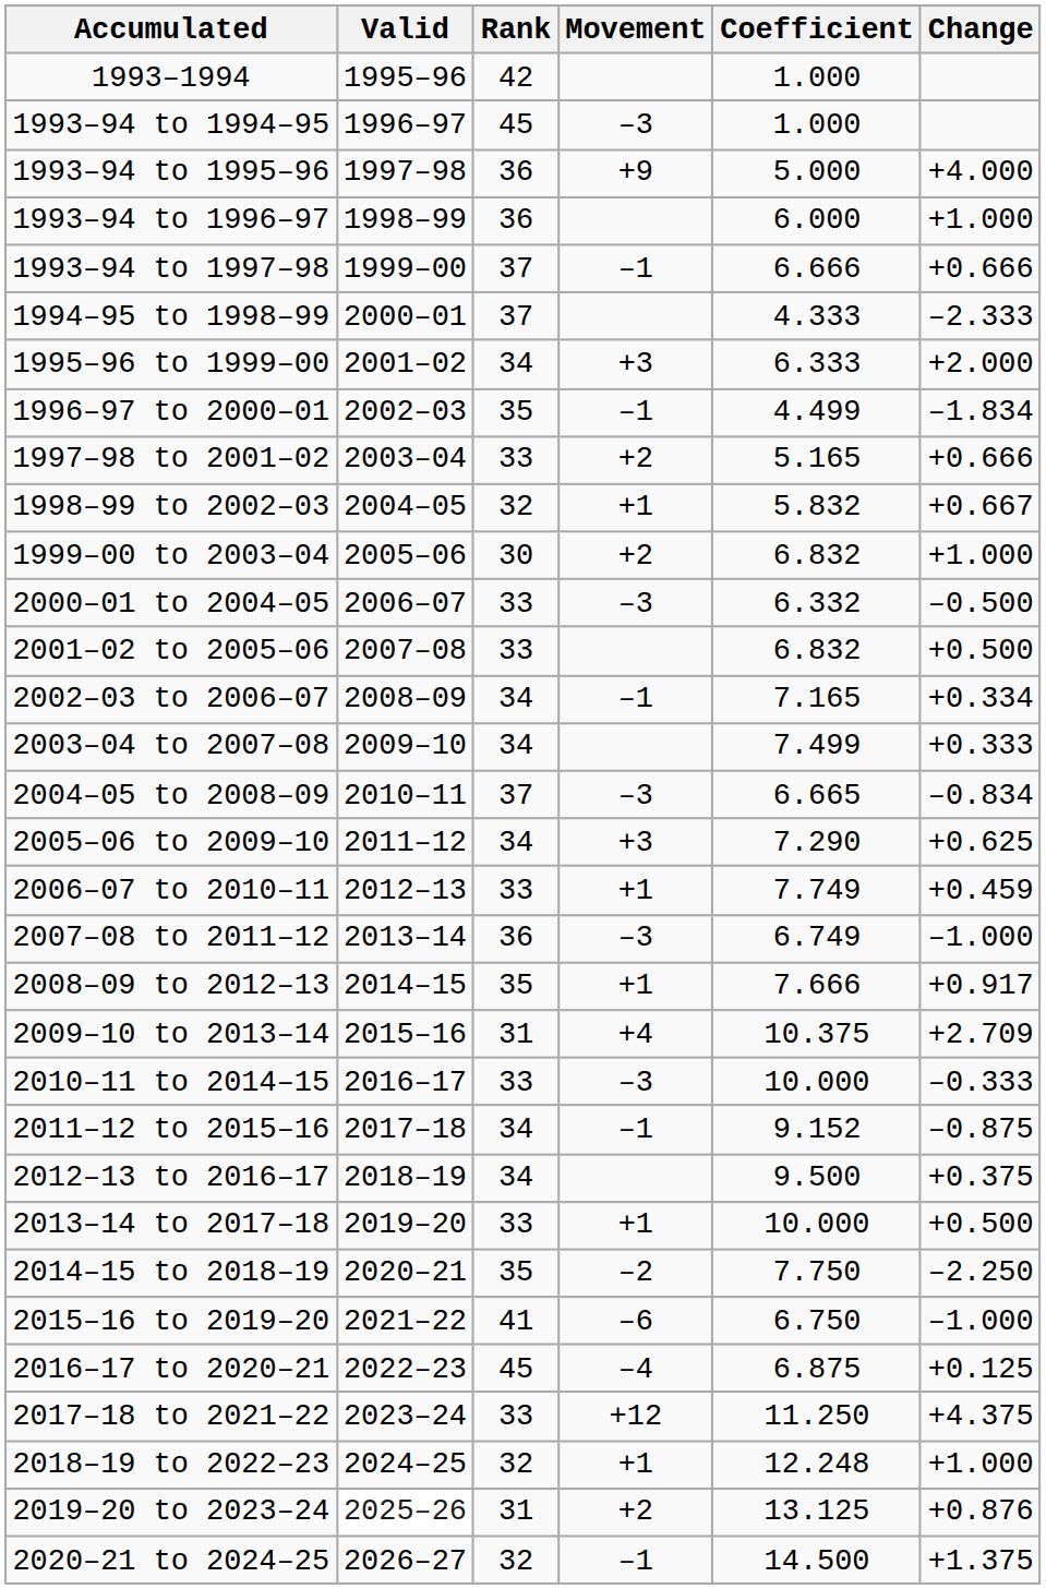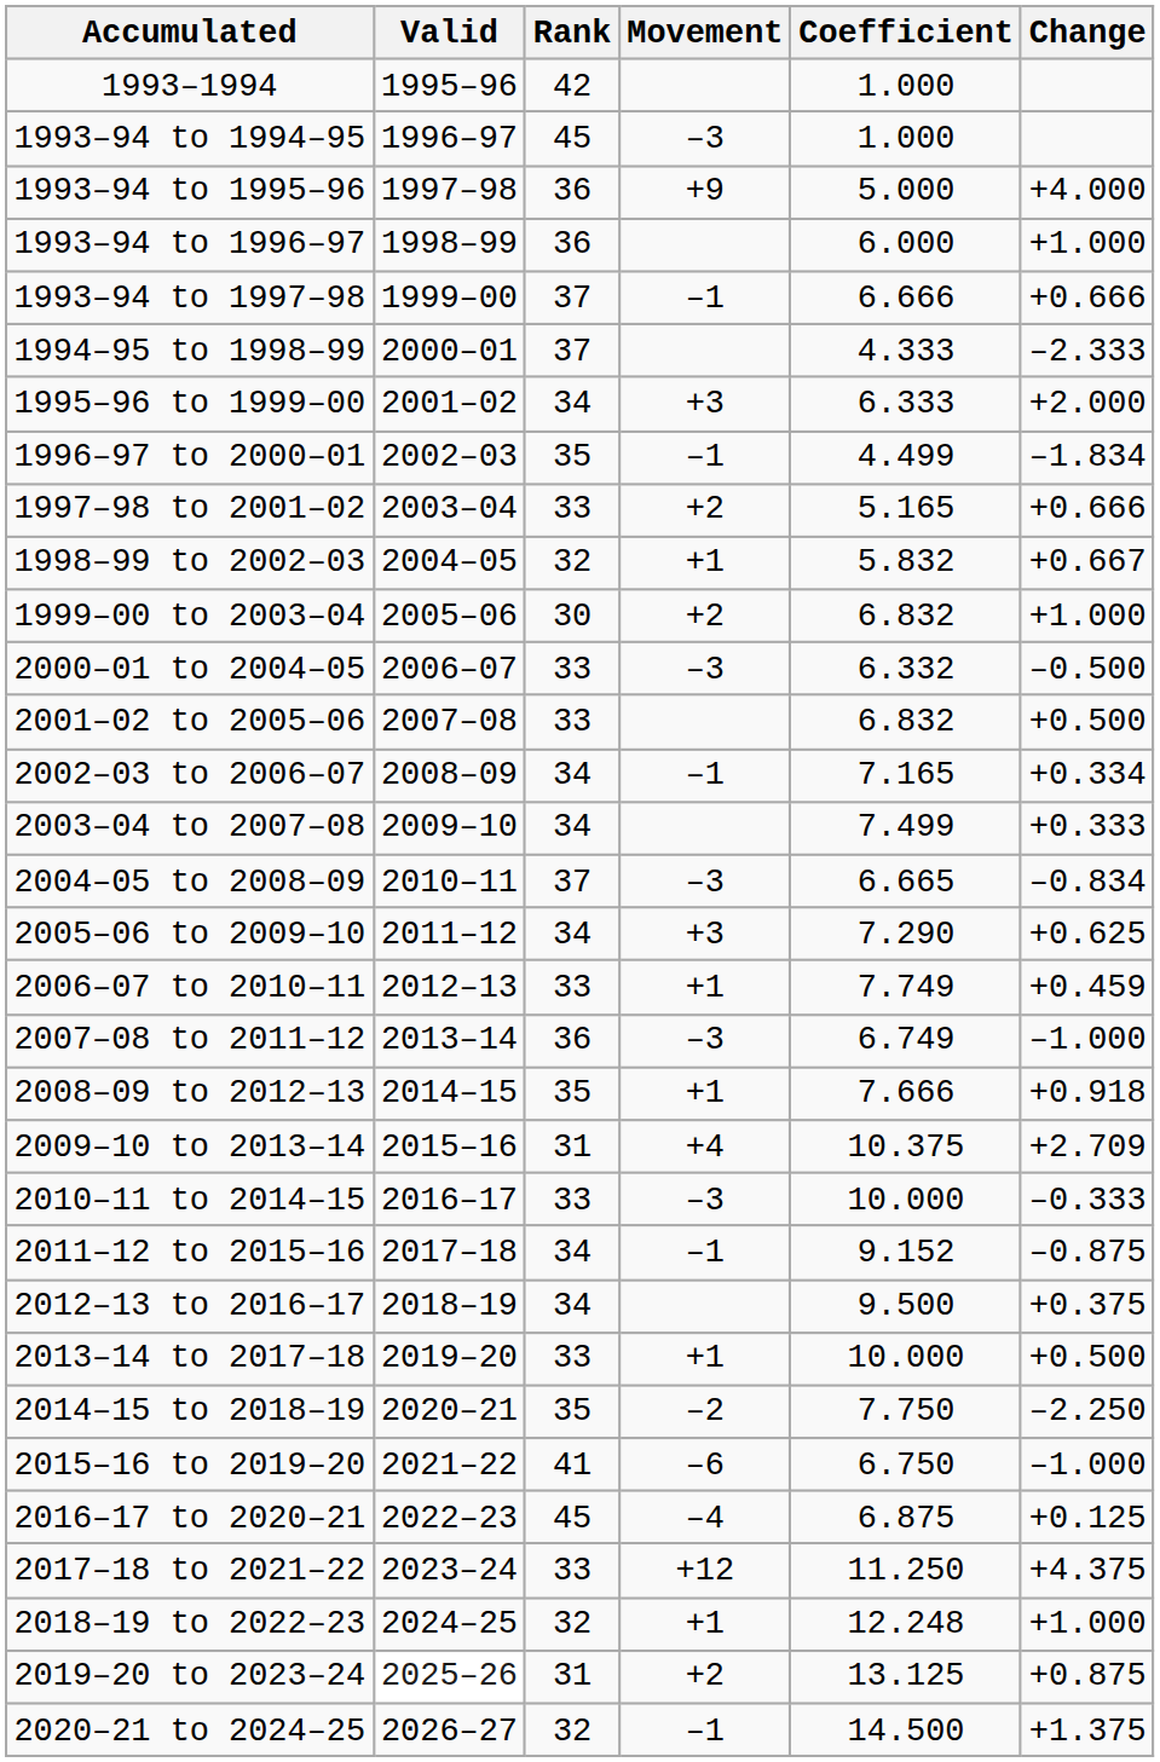 <table class="wikitable sortable collapsible collapsed" style="text-align: center; font-size: 100%;">
 <tr>
 <th>Accumulated</th>
 <th>Valid</th>
 <th>Rank</th>
 <th>Movement</th>
 <th>Coefficient</th>
 <th>Change</th>
 </tr>
 <tr>
 <td>1993–1994</td>
 <td>1995–96</td>
 <td>42</td>
 <td></td>
 <td>1.000</td>
 <td></td>
 </tr>
 <tr>
 <td>1993–94 to 1994–95</td>
 <td>1996–97</td>
 <td>45</td>
 <td> –3</td>
 <td>1.000</td>
 <td></td>
 </tr>
 <tr>
 <td>1993–94 to 1995–96</td>
 <td>1997–98</td>
 <td>36</td>
 <td> +9</td>
 <td>5.000</td>
 <td> +4.000</td>
 </tr>
 <tr>
 <td>1993–94 to 1996–97</td>
 <td>1998–99</td>
 <td>36</td>
 <td></td>
 <td>6.000</td>
 <td> +1.000</td>
 </tr>
 <tr>
 <td>1993–94 to 1997–98</td>
 <td>1999–00</td>
 <td>37</td>
 <td> –1</td>
 <td>6.666</td>
 <td> +0.666</td>
 </tr>
 <tr>
 <td>1994–95 to 1998–99</td>
 <td>2000–01</td>
 <td>37</td>
 <td></td>
 <td>4.333</td>
 <td> –2.333</td>
 </tr>
 <tr>
 <td>1995–96 to 1999–00</td>
 <td>2001–02</td>
 <td>34</td>
 <td> +3</td>
 <td>6.333</td>
 <td> +2.000</td>
 </tr>
 <tr>
 <td>1996–97 to 2000–01</td>
 <td>2002–03</td>
 <td>35</td>
 <td> –1</td>
 <td>4.499</td>
 <td> –1.834</td>
 </tr>
 <tr>
 <td>1997–98 to 2001–02</td>
 <td>2003–04</td>
 <td>33</td>
 <td> +2</td>
 <td>5.165</td>
 <td> +0.666</td>
 </tr>
 <tr>
 <td>1998–99 to 2002–03</td>
 <td>2004–05</td>
 <td>32</td>
 <td> +1</td>
 <td>5.832</td>
 <td> +0.667</td>
 </tr>
 <tr>
 <td>1999–00 to 2003–04</td>
 <td>2005–06</td>
 <td>30</td>
 <td> +2</td>
 <td>6.832</td>
 <td> +1.000</td>
 </tr>
 <tr>
 <td>2000–01 to 2004–05</td>
 <td>2006–07</td>
 <td>33</td>
 <td> –3</td>
 <td>6.332</td>
 <td> –0.500</td>
 </tr>
 <tr>
 <td>2001–02 to 2005–06</td>
 <td>2007–08</td>
 <td>33</td>
 <td></td>
 <td>6.832</td>
 <td> +0.500</td>
 </tr>
 <tr>
 <td>2002–03 to 2006–07</td>
 <td>2008–09</td>
 <td>34</td>
 <td> –1</td>
 <td>7.165</td>
 <td> +0.334</td>
 </tr>
 <tr>
 <td>2003–04 to 2007–08</td>
 <td>2009–10</td>
 <td>34</td>
 <td></td>
 <td>7.499</td>
 <td> +0.333</td>
 </tr>
 <tr>
 <td>2004–05 to 2008–09</td>
 <td>2010–11</td>
 <td>37</td>
 <td> –3</td>
 <td>6.665</td>
 <td> –0.834</td>
 </tr>
 <tr>
 <td>2005–06 to 2009–10</td>
 <td>2011–12</td>
 <td>34</td>
 <td> +3</td>
 <td>7.290</td>
 <td> +0.625</td>
 </tr>
 <tr>
 <td>2006–07 to 2010–11</td>
 <td>2012–13</td>
 <td>33</td>
 <td> +1</td>
 <td>7.749</td>
 <td> +0.459</td>
 </tr>
 <tr>
 <td>2007–08 to 2011–12</td>
 <td>2013–14</td>
 <td>36</td>
 <td> –3</td>
 <td>6.749</td>
 <td> –1.000</td>
 </tr>
 <tr>
 <td>2008–09 to 2012–13</td>
 <td>2014–15</td>
 <td>35</td>
 <td> +1</td>
 <td>7.666</td>
-<td> +0.917</td>
+<td> +0.918</td>
 </tr>
 <tr>
 <td>2009–10 to 2013–14</td>
 <td>2015–16</td>
 <td>31</td>
 <td> +4</td>
 <td>10.375</td>
 <td> +2.709</td>
 </tr>
 <tr>
 <td>2010–11 to 2014–15</td>
 <td>2016–17</td>
 <td>33</td>
 <td> –3</td>
 <td>10.000</td>
 <td> –0.333</td>
 </tr>
 <tr>
 <td>2011–12 to 2015–16</td>
 <td>2017–18</td>
 <td>34</td>
 <td> –1</td>
 <td>9.152</td>
 <td> –0.875</td>
 </tr>
 <tr>
 <td>2012–13 to 2016–17</td>
 <td>2018–19</td>
 <td>34</td>
 <td></td>
 <td>9.500</td>
 <td> +0.375</td>
 </tr>
 <tr>
 <td>2013–14 to 2017–18</td>
 <td>2019–20</td>
 <td>33</td>
 <td> +1</td>
 <td>10.000</td>
 <td> +0.500</td>
 </tr>
 <tr>
 <td>2014–15 to 2018–19</td>
 <td>2020–21</td>
 <td>35</td>
 <td> –2</td>
 <td>7.750</td>
 <td> –2.250</td>
 </tr>
 <tr>
 <td>2015–16 to 2019–20</td>
 <td>2021–22</td>
 <td>41</td>
 <td> –6</td>
 <td>6.750</td>
 <td> –1.000</td>
 </tr>
 <tr>
 <td>2016–17 to 2020–21</td>
 <td>2022–23</td>
 <td>45</td>
 <td> –4</td>
 <td>6.875</td>
 <td> +0.125</td>
 </tr>
 <tr>
 <td>2017–18 to 2021–22</td>
 <td>2023–24</td>
 <td>33</td>
 <td> +12</td>
 <td>11.250</td>
 <td> +4.375</td>
 </tr>
 <tr>
 <td>2018–19 to 2022–23</td>
 <td>2024–25</td>
 <td>32</td>
 <td> +1</td>
 <td>12.248</td>
 <td> +1.000</td>
 </tr>
 <tr>
 <td>2019–20 to 2023–24</td>
 <td style="background:white; color:#1B1B1B; ">2025–26</td>
 <td>31</td>
 <td> +2</td>
 <td>13.125</td>
-<td> +0.876</td>
+<td> +0.875</td>
 </tr>
 <tr>
 <td>2020–21 to 2024–25</td>
 <td>2026–27</td>
 <td>32</td>
 <td> –1</td>
 <td>14.500</td>
 <td> +1.375</td>
 </tr>
 </table>
